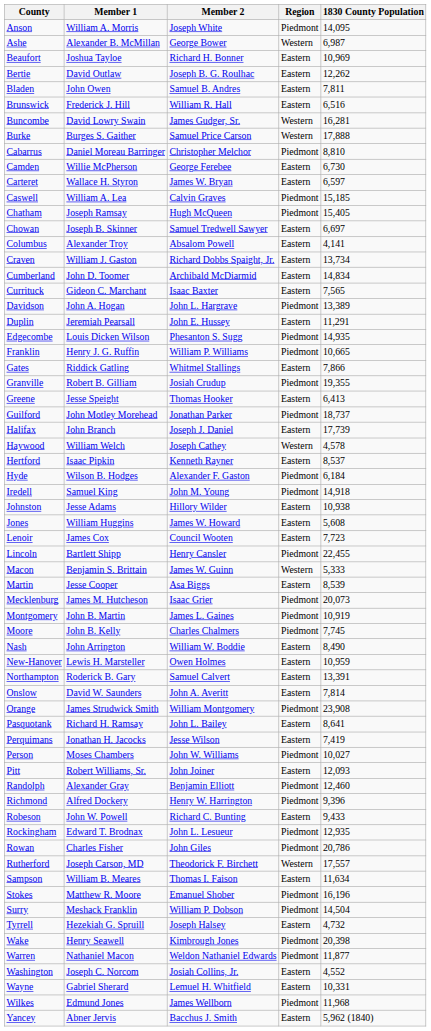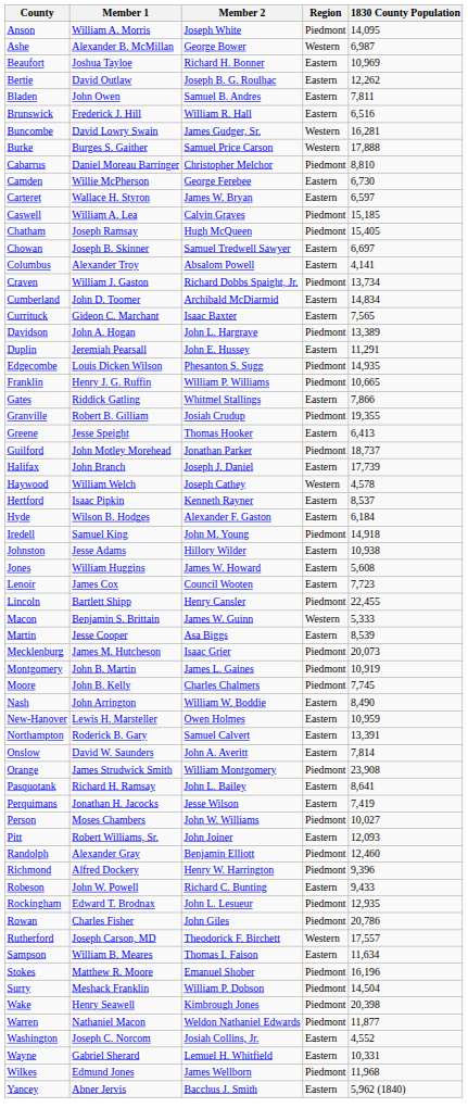 <table class="wikitable sortable">
 <tr>
 <th>County</th>
 <th>Member 1</th>
 <th>Member 2</th>
 <th>Region</th>
 <th>1830 County Population</th>
 </tr>
 <tr>
 <td><a href='#'>Anson</a></td>
 <td data-sort-value="Morris, William A."><a href='#'>William A. Morris</a></td>
 <td data-sort-value="White, Joseph"><a href='#'>Joseph White</a></td>
 <td>Piedmont</td>
 <td>14,095</td>
 </tr>
 <tr>
 <td><a href='#'>Ashe</a></td>
 <td data-sort-value="McMillan, Alexander B."><a href='#'>Alexander B. McMillan</a></td>
 <td data-sort-value="Bower, George"><a href='#'>George Bower</a></td>
 <td>Western</td>
 <td>6,987</td>
 </tr>
 <tr>
 <td><a href='#'>Beaufort</a></td>
 <td data-sort-value="Tayloe, Joshua"><a href='#'>Joshua Tayloe</a></td>
 <td data-sort-value="Bonner, Richard H."><a href='#'>Richard H. Bonner</a></td>
 <td>Eastern</td>
 <td>10,969</td>
 </tr>
 <tr>
 <td><a href='#'>Bertie</a></td>
 <td data-sort-value="Outlaw, David"><a href='#'>David Outlaw</a></td>
 <td data-sort-value="Roulhac, Joseph B.G."><a href='#'>Joseph B. G. Roulhac</a></td>
 <td>Eastern</td>
 <td>12,262</td>
 </tr>
 <tr>
 <td><a href='#'>Bladen</a></td>
 <td data-sort-value="Owen, John"><a href='#'>John Owen</a></td>
 <td data-sort-value="Andres, Samuel B."><a href='#'>Samuel B. Andres</a></td>
 <td>Eastern</td>
 <td>7,811</td>
 </tr>
 <tr>
 <td><a href='#'>Brunswick</a></td>
 <td data-sort-value="Hill, Frederick J."><a href='#'>Frederick J. Hill</a></td>
 <td data-sort-value="Hall, William R."><a href='#'>William R. Hall</a></td>
 <td>Eastern</td>
 <td>6,516</td>
 </tr>
 <tr>
 <td><a href='#'>Buncombe</a></td>
 <td data-sort-value="Swain, David Lowery"><a href='#'>David Lowry Swain</a></td>
 <td data-sort-value="Gudger, James"><a href='#'>James Gudger, Sr.</a></td>
 <td>Western</td>
 <td>16,281</td>
 </tr>
 <tr>
 <td><a href='#'>Burke</a></td>
 <td data-sort-value="Gaither, Burges S."><a href='#'>Burges S. Gaither</a></td>
 <td data-sort-value="Carson, Samuel Price"><a href='#'>Samuel Price Carson</a></td>
 <td>Western</td>
 <td>17,888</td>
 </tr>
 <tr>
 <td><a href='#'>Cabarrus</a></td>
 <td data-sort-value="Barringer, Daniel Moreau"><a href='#'>Daniel Moreau Barringer</a></td>
 <td data-sort-value="Melchor, Christopher"><a href='#'>Christopher Melchor</a></td>
 <td>Piedmont</td>
 <td>8,810</td>
 </tr>
 <tr>
 <td><a href='#'>Camden</a></td>
 <td data-sort-value="McPherson, Willie"><a href='#'>Willie McPherson</a></td>
 <td data-sort-value="Ferebee, George"><a href='#'>George Ferebee</a></td>
 <td>Eastern</td>
 <td>6,730</td>
 </tr>
 <tr>
 <td><a href='#'>Carteret</a></td>
 <td data-sort-value="Styron, Wallace H."><a href='#'>Wallace H. Styron</a></td>
 <td data-sort-value="Bryan, James W."><a href='#'>James W. Bryan</a></td>
 <td>Eastern</td>
 <td>6,597</td>
 </tr>
 <tr>
 <td><a href='#'>Caswell</a></td>
 <td data-sort-value="Lea, William A."><a href='#'>William A. Lea</a></td>
 <td data-sort-value="Graves, Calvin"><a href='#'>Calvin Graves</a></td>
 <td>Piedmont</td>
 <td>15,185</td>
 </tr>
 <tr>
 <td><a href='#'>Chatham</a></td>
 <td data-sort-value="Ramsay, Joseph"><a href='#'>Joseph Ramsay</a></td>
 <td data-sort-value="McQueen, Hugh"><a href='#'>Hugh McQueen</a></td>
 <td>Piedmont</td>
 <td>15,405</td>
 </tr>
 <tr>
 <td><a href='#'>Chowan</a></td>
 <td data-sort-value="Skinner, Joseph B."><a href='#'>Joseph B. Skinner</a></td>
 <td data-sort-value="Sawyer, Samuel Tredwell"><a href='#'>Samuel Tredwell Sawyer</a></td>
 <td>Eastern</td>
 <td>6,697</td>
 </tr>
 <tr>
 <td><a href='#'>Columbus</a></td>
 <td data-sort-value="Troy, Alexander"><a href='#'>Alexander Troy</a></td>
 <td data-sort-value="Powell, Absalom"><a href='#'>Absalom Powell</a></td>
 <td>Eastern</td>
 <td>4,141</td>
 </tr>
 <tr>
 <td><a href='#'>Craven</a></td>
 <td data-sort-value="Gaston, William J."><a href='#'>William J. Gaston</a></td>
 <td data-sort-value="Spaight, Richard Dobbs"><a href='#'>Richard Dobbs Spaight, Jr.</a></td>
-<td>Eastern</td>
+<td>Piedmont</td>
 <td>13,734</td>
 </tr>
 <tr>
 <td><a href='#'>Cumberland</a></td>
 <td data-sort-value="Toomer, John D."><a href='#'>John D. Toomer</a></td>
 <td data-sort-value="McDiarmid, Archibald"><a href='#'>Archibald McDiarmid</a></td>
 <td>Eastern</td>
 <td>14,834</td>
 </tr>
 <tr>
 <td><a href='#'>Currituck</a></td>
 <td data-sort-value="Marchant, Gideon C."><a href='#'>Gideon C. Marchant</a></td>
 <td data-sort-value="Baxter, Isaac"><a href='#'>Isaac Baxter</a></td>
 <td>Eastern</td>
 <td>7,565</td>
 </tr>
 <tr>
 <td><a href='#'>Davidson</a></td>
 <td data-sort-value="Hogan, John A."><a href='#'>John A. Hogan</a></td>
 <td data-sort-value="Hargrave, John L."><a href='#'>John L. Hargrave</a></td>
 <td>Piedmont</td>
 <td>13,389</td>
 </tr>
 <tr>
 <td><a href='#'>Duplin</a></td>
 <td data-sort-value="Pearsall, Jeremiah"><a href='#'>Jeremiah Pearsall</a></td>
 <td data-sort-value="Hussey, John E."><a href='#'>John E. Hussey</a></td>
 <td>Eastern</td>
 <td>11,291</td>
 </tr>
 <tr>
 <td><a href='#'>Edgecombe</a></td>
 <td data-sort-value="Wilson, Louis Dicken"><a href='#'>Louis Dicken Wilson</a></td>
 <td data-sort-value="Sugg, Pheasanton S."><a href='#'>Phesanton S. Sugg</a></td>
 <td>Piedmont</td>
 <td>14,935</td>
 </tr>
 <tr>
 <td><a href='#'>Franklin</a></td>
 <td data-sort-value="Ruffin, Henry J.G."><a href='#'>Henry J. G. Ruffin</a></td>
 <td data-sort-value="Williams, William P."><a href='#'>William P. Williams</a></td>
 <td>Piedmont</td>
 <td>10,665</td>
 </tr>
 <tr>
 <td><a href='#'>Gates</a></td>
 <td data-sort-value="Gatling, Riddick"><a href='#'>Riddick Gatling</a></td>
 <td data-sort-value="Stallings, Whitmel"><a href='#'>Whitmel Stallings</a></td>
 <td>Eastern</td>
 <td>7,866</td>
 </tr>
 <tr>
 <td><a href='#'>Granville</a></td>
 <td data-sort-value="Gilliam, Robert B."><a href='#'>Robert B. Gilliam</a></td>
 <td data-sort-value="Crudup, Josiah"><a href='#'>Josiah Crudup</a></td>
 <td>Piedmont</td>
 <td>19,355</td>
 </tr>
 <tr>
 <td><a href='#'>Greene</a></td>
 <td data-sort-value="Speight, Jesse"><a href='#'>Jesse Speight</a></td>
 <td data-sort-value="Hooker, Thomas"><a href='#'>Thomas Hooker</a></td>
 <td>Eastern</td>
 <td>6,413</td>
 </tr>
 <tr>
 <td><a href='#'>Guilford</a></td>
 <td data-sort-value="Morehead, John Motley"><a href='#'>John Motley Morehead</a></td>
 <td data-sort-value="Parker, Jonathan"><a href='#'>Jonathan Parker</a></td>
 <td>Piedmont</td>
 <td>18,737</td>
 </tr>
 <tr>
 <td><a href='#'>Halifax</a></td>
 <td data-sort-value="Branch, John"><a href='#'>John Branch</a></td>
 <td data-sort-value="Daniel, Joseph J."><a href='#'>Joseph J. Daniel</a></td>
 <td>Eastern</td>
 <td>17,739</td>
 </tr>
 <tr>
 <td><a href='#'>Haywood</a></td>
 <td data-sort-value="Welch, William"><a href='#'>William Welch</a></td>
 <td data-sort-value="Cathey, Joseph"><a href='#'>Joseph Cathey</a></td>
 <td>Western</td>
 <td>4,578</td>
 </tr>
 <tr>
 <td><a href='#'>Hertford</a></td>
 <td data-sort-value="Pipkin, Isaac"><a href='#'>Isaac Pipkin</a></td>
 <td data-sort-value="Rayner, Kenneth"><a href='#'>Kenneth Rayner</a></td>
 <td>Eastern</td>
 <td>8,537</td>
 </tr>
 <tr>
 <td><a href='#'>Hyde</a></td>
 <td data-sort-value="Hodges, Wilson B."><a href='#'>Wilson B. Hodges</a></td>
 <td data-sort-value="Gaston, Alexander F."><a href='#'>Alexander F. Gaston</a></td>
-<td>Piedmont</td>
+<td>Eastern</td>
 <td>6,184</td>
 </tr>
 <tr>
 <td><a href='#'>Iredell</a></td>
 <td data-sort-value="King, Samuel"><a href='#'>Samuel King</a></td>
 <td data-sort-value="Young, John M."><a href='#'>John M. Young</a></td>
 <td>Piedmont</td>
 <td>14,918</td>
 </tr>
 <tr>
 <td><a href='#'>Johnston</a></td>
 <td data-sort-value="Adams, Jesse"><a href='#'>Jesse Adams</a></td>
 <td data-sort-value="Wilder, Hillory"><a href='#'>Hillory Wilder</a></td>
 <td>Eastern</td>
 <td>10,938</td>
 </tr>
 <tr>
 <td><a href='#'>Jones</a></td>
 <td data-sort-value="Huggins, William"><a href='#'>William Huggins</a></td>
 <td data-sort-value="Howard, James W."><a href='#'>James W. Howard</a></td>
 <td>Eastern</td>
 <td>5,608</td>
 </tr>
 <tr>
 <td><a href='#'>Lenoir</a></td>
 <td data-sort-value="Cox, James"><a href='#'>James Cox</a></td>
 <td data-sort-value="Wooten, Council"><a href='#'>Council Wooten</a></td>
 <td>Eastern</td>
 <td>7,723</td>
 </tr>
 <tr>
 <td><a href='#'>Lincoln</a></td>
 <td data-sort-value="Shipp, Bartlett"><a href='#'>Bartlett Shipp</a></td>
 <td data-sort-value="Cansler, Henry"><a href='#'>Henry Cansler</a></td>
 <td>Piedmont</td>
 <td>22,455</td>
 </tr>
 <tr>
 <td><a href='#'>Macon</a></td>
 <td data-sort-value="Brittain, Benjamin S."><a href='#'>Benjamin S. Brittain</a></td>
 <td data-sort-value="Guinn, James W."><a href='#'>James W. Guinn</a></td>
 <td>Western</td>
 <td>5,333</td>
 </tr>
 <tr>
 <td><a href='#'>Martin</a></td>
 <td data-sort-value="Cooper, Jesse"><a href='#'>Jesse Cooper</a></td>
 <td data-sort-value="Biggs, Asa"><a href='#'>Asa Biggs</a></td>
 <td>Eastern</td>
 <td>8,539</td>
 </tr>
 <tr>
 <td><a href='#'>Mecklenburg</a></td>
 <td data-sort-value="Hutcheson, James M."><a href='#'>James M. Hutcheson</a></td>
 <td data-sort-value="Grier, Isaac"><a href='#'>Isaac Grier</a></td>
 <td>Piedmont</td>
 <td>20,073</td>
 </tr>
 <tr>
 <td><a href='#'>Montgomery</a></td>
 <td data-sort-value="Martin, John B."><a href='#'>John B. Martin</a></td>
 <td data-sort-value="Gaines, James L."><a href='#'>James L. Gaines</a></td>
 <td>Piedmont</td>
 <td>10,919</td>
 </tr>
 <tr>
 <td><a href='#'>Moore</a></td>
 <td data-sort-value="Kelly, John B."><a href='#'>John B. Kelly</a></td>
 <td data-sort-value="Chalmers, Charles"><a href='#'>Charles Chalmers</a></td>
 <td>Piedmont</td>
 <td>7,745</td>
 </tr>
 <tr>
 <td><a href='#'>Nash</a></td>
 <td data-sort-value="Arrington, John"><a href='#'>John Arrington</a></td>
 <td data-sort-value="Boddie, William W."><a href='#'>William W. Boddie</a></td>
 <td>Eastern</td>
 <td>8,490</td>
 </tr>
 <tr>
 <td><a href='#'>New-Hanover</a></td>
 <td data-sort-value="Martseller, Lewis H."><a href='#'>Lewis H. Marsteller</a></td>
 <td data-sort-value="Holmes, Owen"><a href='#'>Owen Holmes</a></td>
 <td>Eastern</td>
 <td>10,959</td>
 </tr>
 <tr>
 <td><a href='#'>Northampton</a></td>
 <td data-sort-value="Gary, Roderick B."><a href='#'>Roderick B. Gary</a></td>
 <td data-sort-value="Calvert, Samuel"><a href='#'>Samuel Calvert</a></td>
 <td>Eastern</td>
 <td>13,391</td>
 </tr>
 <tr>
 <td><a href='#'>Onslow</a></td>
 <td data-sort-value="Saunders, David W."><a href='#'>David W. Saunders</a></td>
 <td data-sort-value="Averitt, John A."><a href='#'>John A. Averitt</a></td>
 <td>Eastern</td>
 <td>7,814</td>
 </tr>
 <tr>
 <td><a href='#'>Orange</a></td>
 <td data-sort-value="Smith, James Strudwick"><a href='#'>James Strudwick Smith</a></td>
 <td data-sort-value="Montgomery, William"><a href='#'>William Montgomery</a></td>
 <td>Piedmont</td>
 <td>23,908</td>
 </tr>
 <tr>
 <td><a href='#'>Pasquotank</a></td>
 <td data-sort-value="Ramsay, Richard H."><a href='#'>Richard H. Ramsay</a></td>
 <td data-sort-value="Bailey, John L."><a href='#'>John L. Bailey</a></td>
 <td>Eastern</td>
 <td>8,641</td>
 </tr>
 <tr>
 <td><a href='#'>Perquimans</a></td>
 <td data-sort-value="Jacocks, Jonathan H."><a href='#'>Jonathan H. Jacocks</a></td>
 <td data-sort-value="Wilson, Jesse"><a href='#'>Jesse Wilson</a></td>
 <td>Eastern</td>
 <td>7,419</td>
 </tr>
 <tr>
 <td><a href='#'>Person</a></td>
 <td data-sort-value="Chambers, Moses"><a href='#'>Moses Chambers</a></td>
 <td data-sort-value="Williams, John W."><a href='#'>John W. Williams</a></td>
 <td>Piedmont</td>
 <td>10,027</td>
 </tr>
 <tr>
 <td><a href='#'>Pitt</a></td>
 <td data-sort-value="Williams, Robert, Sr."><a href='#'>Robert Williams, Sr.</a></td>
 <td data-sort-value="Joiner, John"><a href='#'>John Joiner</a></td>
 <td>Eastern</td>
 <td>12,093</td>
 </tr>
 <tr>
 <td><a href='#'>Randolph</a></td>
 <td data-sort-value="Gray, Alexander"><a href='#'>Alexander Gray</a></td>
 <td data-sort-value="Elliott, Benjamin"><a href='#'>Benjamin Elliott</a></td>
 <td>Piedmont</td>
 <td>12,460</td>
 </tr>
 <tr>
 <td><a href='#'>Richmond</a></td>
 <td data-sort-value="Dockery, Alfred"><a href='#'>Alfred Dockery</a></td>
 <td data-sort-value="Harrington, Henry W."><a href='#'>Henry W. Harrington</a></td>
 <td>Piedmont</td>
 <td>9,396</td>
 </tr>
 <tr>
 <td><a href='#'>Robeson</a></td>
 <td data-sort-value="Powell, John W."><a href='#'>John W. Powell</a></td>
 <td data-sort-value="Bunting, Richard C."><a href='#'>Richard C. Bunting</a></td>
 <td>Eastern</td>
 <td>9,433</td>
 </tr>
 <tr>
 <td><a href='#'>Rockingham</a></td>
 <td data-sort-value="Brodnax, Edward T."><a href='#'>Edward T. Brodnax</a></td>
 <td data-sort-value="Lesueur, John L."><a href='#'>John L. Lesueur</a></td>
 <td>Piedmont</td>
 <td>12,935</td>
 </tr>
 <tr>
 <td><a href='#'>Rowan</a></td>
 <td data-sort-value="Fisher, Charles"><a href='#'>Charles Fisher</a></td>
 <td data-sort-value="Giles, John"><a href='#'>John Giles</a></td>
 <td>Piedmont</td>
 <td>20,786</td>
 </tr>
 <tr>
 <td><a href='#'>Rutherford</a></td>
 <td data-sort-value="Carson, Joseph MD"><a href='#'>Joseph Carson, MD</a></td>
 <td data-sort-value="Birchett, Theodorick F."><a href='#'>Theodorick F. Birchett</a></td>
 <td>Western</td>
 <td>17,557</td>
 </tr>
 <tr>
 <td><a href='#'>Sampson</a></td>
 <td data-sort-value="Meares, William B."><a href='#'>William B. Meares</a></td>
 <td data-sort-value="Faison, Thomas I."><a href='#'>Thomas I. Faison</a></td>
 <td>Eastern</td>
 <td>11,634</td>
 </tr>
 <tr>
 <td><a href='#'>Stokes</a></td>
 <td data-sort-value="Moore, Matthew R."><a href='#'>Matthew R. Moore</a></td>
 <td data-sort-value="Shober, Emanuel"><a href='#'>Emanuel Shober</a></td>
 <td>Piedmont</td>
 <td>16,196</td>
 </tr>
 <tr>
 <td><a href='#'>Surry</a></td>
 <td data-sort-value="Franklin, Meshack"><a href='#'>Meshack Franklin</a></td>
 <td data-sort-value="Dobson, William P."><a href='#'>William P. Dobson</a></td>
 <td>Piedmont</td>
 <td>14,504</td>
 </tr>
 <tr>
-<td><a href='#'>Tyrrell</a></td>
-<td data-sort-value="Spruill, Hezekiah G."><a href='#'>Hezekiah G. Spruill</a></td>
-<td data-sort-value="Halsey, Joseph"><a href='#'>Joseph Halsey</a></td>
-<td>Eastern</td>
-<td>4,732</td>
-</tr>
-<tr>
 <td><a href='#'>Wake</a></td>
 <td data-sort-value="Seawell, Henry"><a href='#'>Henry Seawell</a></td>
 <td data-sort-value="Jones, Kimbrough"><a href='#'>Kimbrough Jones</a></td>
 <td>Piedmont</td>
 <td>20,398</td>
 </tr>
 <tr>
 <td><a href='#'>Warren</a></td>
 <td data-sort-value="Macon, Nathaniel"><a href='#'>Nathaniel Macon</a></td>
 <td><a href='#'>Weldon Nathaniel Edwards</a></td>
 <td>Piedmont</td>
 <td>11,877</td>
 </tr>
 <tr>
 <td><a href='#'>Washington</a></td>
 <td data-sort-value="Norcom, Joseph C."><a href='#'>Joseph C. Norcom</a></td>
 <td data-sort-value="Collins, Josiah"><a href='#'>Josiah Collins, Jr.</a></td>
 <td>Eastern</td>
 <td>4,552</td>
 </tr>
 <tr>
 <td><a href='#'>Wayne</a></td>
 <td data-sort-value="Sherard, Gabriel"><a href='#'>Gabriel Sherard</a></td>
 <td data-sort-value="Whitefield, Lemuel H."><a href='#'>Lemuel H. Whitfield</a></td>
 <td>Eastern</td>
 <td>10,331</td>
 </tr>
 <tr>
 <td><a href='#'>Wilkes</a></td>
 <td data-sort-value="Jones, Edmund"><a href='#'>Edmund Jones</a></td>
 <td data-sort-value="Welborn, James"><a href='#'>James Wellborn</a></td>
 <td>Piedmont</td>
 <td>11,968</td>
 </tr>
 <tr>
 <td><a href='#'>Yancey</a></td>
 <td data-sort-value="Jervis, Abner"><a href='#'>Abner Jervis</a></td>
 <td data-sort-value="Smith, Bacchus J."><a href='#'>Bacchus J. Smith</a></td>
 <td>Eastern</td>
 <td>5,962 (1840)</td>
 </tr>
 </table>
